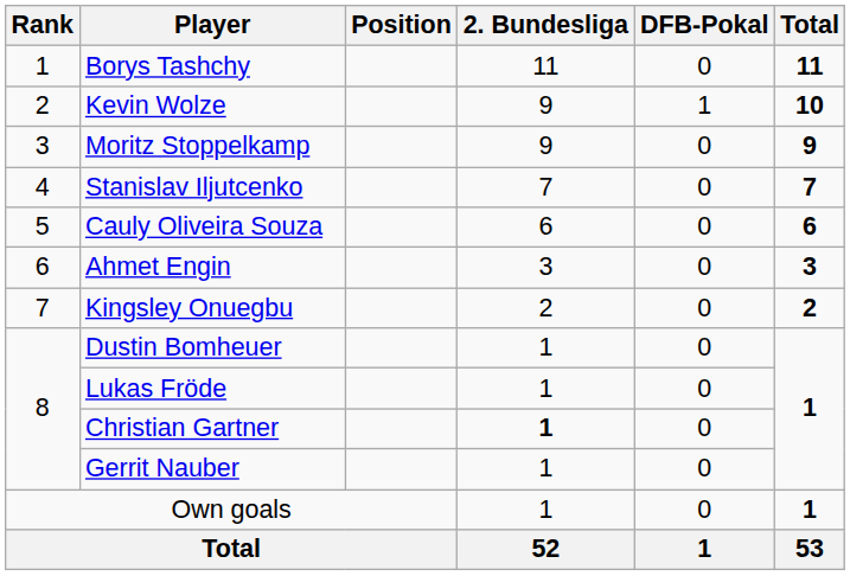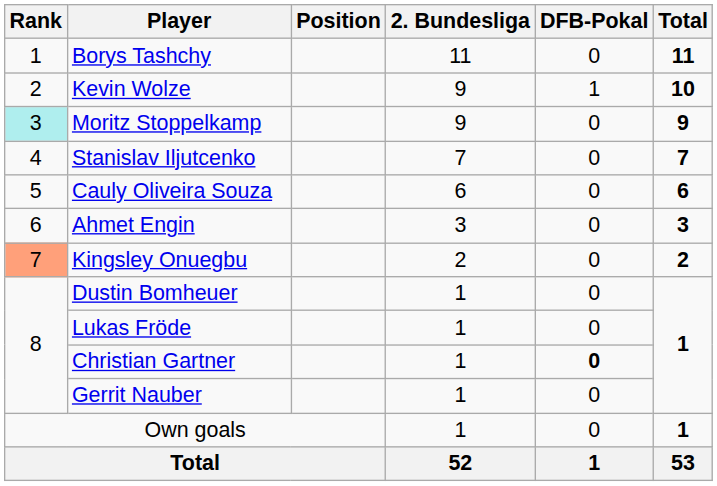 <table class="wikitable">
 <tr>
 <th>Rank</th>
 <th style="width:160px;">Player</th>
 <th>Position</th>
 <th>2. Bundesliga</th>
 <th>DFB-Pokal</th>
 <th>Total</th>
 </tr>
 <tr>
 <td align=center>1</td>
 <td> <a href='#'>Borys Tashchy</a></td>
 <td align=center></td>
 <td align=center>11</td>
 <td align=center>0</td>
 <td align=center><strong>11</strong></td>
 </tr>
 <tr>
 <td align=center>2</td>
 <td> <a href='#'>Kevin Wolze</a></td>
 <td align=center></td>
 <td align=center>9</td>
 <td align=center>1</td>
 <td align=center><strong>10</strong></td>
 </tr>
 <tr>
-<td align=center>3</td>
+<td align=center style="background: paleturquoise;">3</td>
 <td> <a href='#'>Moritz Stoppelkamp</a></td>
 <td align=center></td>
 <td align=center>9</td>
 <td align=center>0</td>
 <td align=center><strong>9</strong></td>
 </tr>
 <tr>
 <td align=center>4</td>
 <td> <a href='#'>Stanislav Iljutcenko</a></td>
 <td align=center></td>
 <td align=center>7</td>
 <td align=center>0</td>
 <td align=center><strong>7</strong></td>
 </tr>
 <tr>
 <td align=center>5</td>
 <td> <a href='#'>Cauly Oliveira Souza</a></td>
 <td align=center></td>
 <td align=center>6</td>
 <td align=center>0</td>
 <td align=center><strong>6</strong></td>
 </tr>
 <tr>
 <td align=center>6</td>
 <td> <a href='#'>Ahmet Engin</a></td>
 <td align=center></td>
 <td align=center>3</td>
 <td align=center>0</td>
 <td align=center><strong>3</strong></td>
 </tr>
 <tr>
-<td align=center>7</td>
+<td align=center style="background: lightsalmon;">7</td>
 <td> <a href='#'>Kingsley Onuegbu</a></td>
 <td align=center></td>
 <td align=center>2</td>
 <td align=center>0</td>
 <td align=center><strong>2</strong></td>
 </tr>
 <tr>
 <td align=center rowspan=4>8</td>
 <td> <a href='#'>Dustin Bomheuer</a></td>
 <td align=center></td>
 <td align=center>1</td>
 <td align=center>0</td>
 <td align=center rowspan=4><strong>1</strong></td>
 </tr>
 <tr>
 <td> <a href='#'>Lukas Fröde</a></td>
 <td align=center></td>
 <td align=center>1</td>
 <td align=center>0</td>
 </tr>
 <tr>
 <td> <a href='#'>Christian Gartner</a></td>
 <td align=center></td>
-<td align=center><strong>1</strong></td>
-<td align=center>0</td>
+<td align=center>1</td>
+<td align=center><strong>0</strong></td>
 </tr>
 <tr>
 <td> <a href='#'>Gerrit Nauber</a></td>
 <td align=center></td>
 <td align=center>1</td>
 <td align=center>0</td>
 </tr>
 <tr>
 <td colspan=3 align=center>Own goals</td>
 <td align=center>1</td>
 <td align=center>0</td>
 <td align=center><strong>1</strong></td>
 </tr>
 <tr>
 <th align=center colspan=3>Total</th>
 <th align=center>52</th>
 <th align=center>1</th>
 <th align=center>53</th>
 </tr>
 </table>
